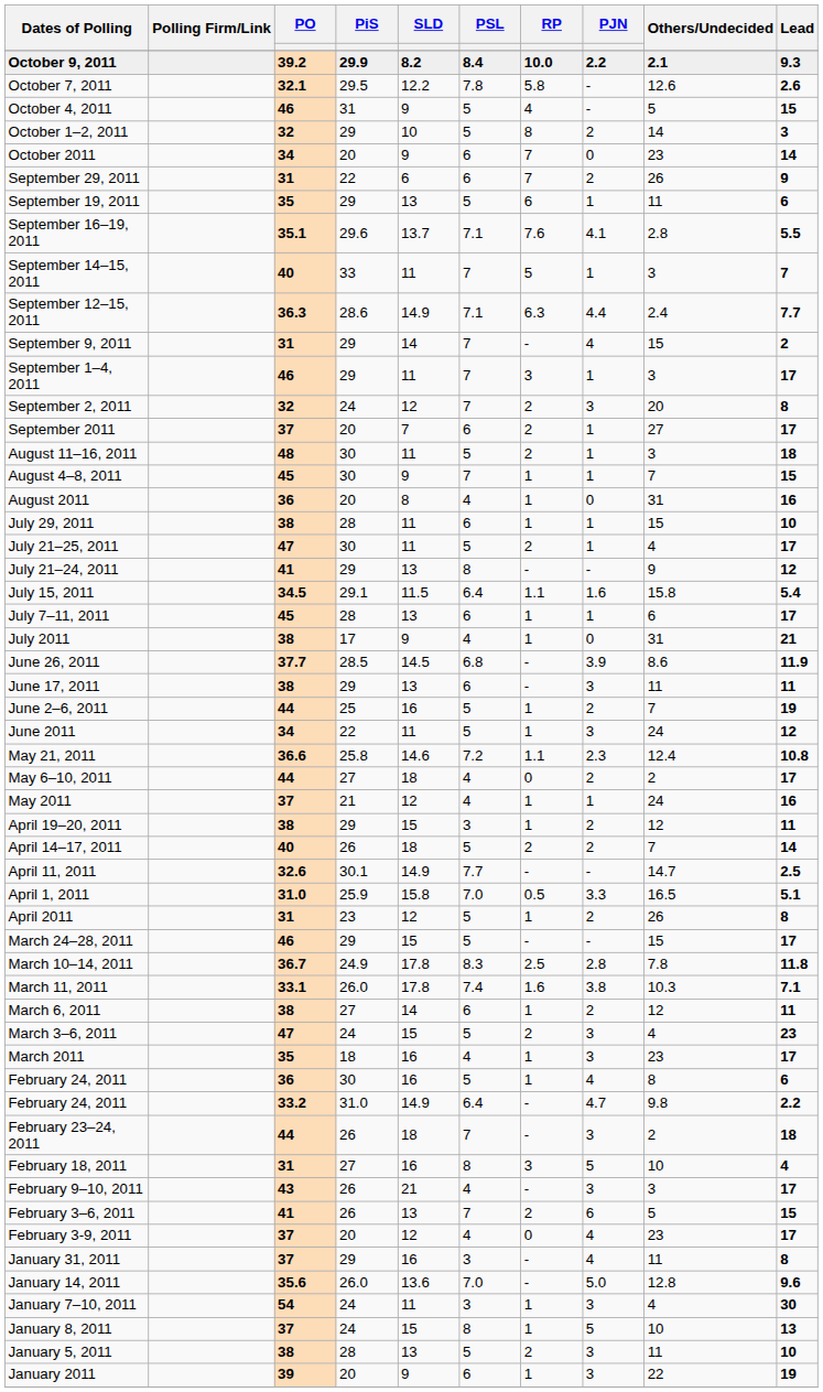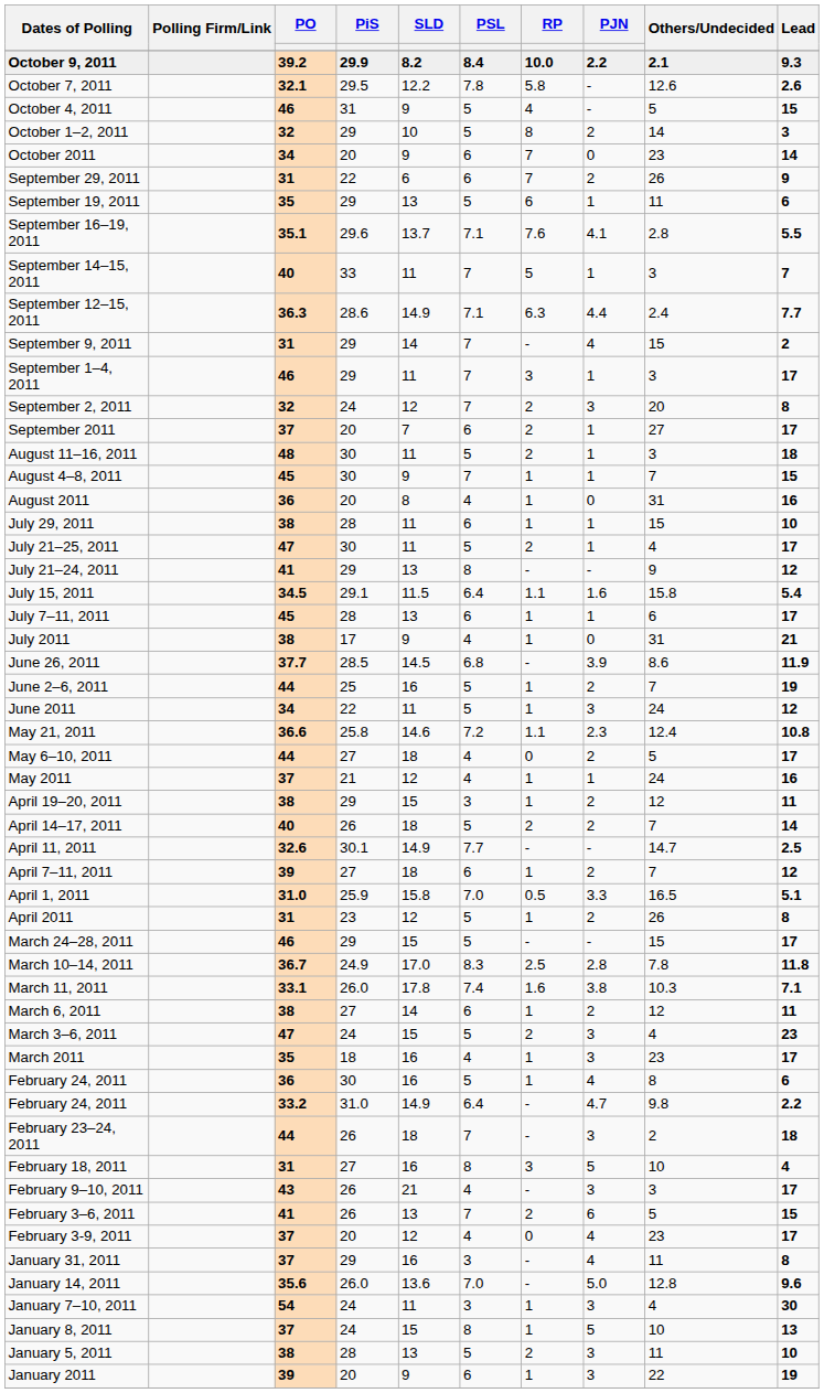 <table class="wikitable sortable collapsible">
 <tr style="height:42px; text-align:center; background-color:#E9E9E9">
 <th rowspan="2" data-sort-type="date" style="width:150px;">Dates of Polling</th>
 <th rowspan="2" style="width:130px;">Polling Firm/Link</th>
 <th style="width:60px;" class="unsortable"><a href='#'>PO</a></th>
 <th style="width:60px;" class="unsortable"><a href='#'>PiS</a></th>
 <th style="width:60px;" class="unsortable"><a href='#'>SLD</a></th>
 <th style="width:60px;" class="unsortable"><a href='#'>PSL</a></th>
 <th style="width:60px;" class="unsortable"><a href='#'>RP</a></th>
 <th style="width:60px;" class="unsortable"><a href='#'>PJN</a></th>
 <th rowspan="2" data-sort-type="number" style="width:40px;">Others/Undecided</th>
 <th rowspan="2" data-sort-type="number" style="width:30px;">Lead</th>
 </tr>
 <tr>
 <th data-sort-type="number" style="height:1px; background:"></th>
 <th data-sort-type="number" style="height:1px; background:"></th>
 <th data-sort-type="number" style="height:1px; background:"></th>
 <th data-sort-type="number" style="height:1px; background:"></th>
 <th data-sort-type="number" style="height:1px; background:"></th>
 <th data-sort-type="number" style="height:1px; background:"></th>
 </tr>
 <tr>
 </tr>
 <tr style="background:#EFEFEF; font-weight:bold;">
 <td>October 9, 2011</td>
 <td></td>
 <td style="background:#FDDCB8">39.2</td>
 <td>29.9</td>
 <td>8.2</td>
 <td>8.4</td>
 <td>10.0</td>
 <td>2.2</td>
 <td>2.1</td>
 <td style="background:"><strong>9.3</strong></td>
 </tr>
 <tr>
 <td>October 7, 2011</td>
 <td></td>
 <td style="background:#FDDCB8"><strong>32.1</strong></td>
 <td>29.5</td>
 <td>12.2</td>
 <td>7.8</td>
 <td>5.8</td>
 <td>-</td>
 <td>12.6</td>
 <td style="background:"><strong>2.6</strong></td>
 </tr>
 <tr>
 <td>October 4, 2011</td>
 <td></td>
 <td style="background:#FDDCB8"><strong>46</strong></td>
 <td>31</td>
 <td>9</td>
 <td>5</td>
 <td>4</td>
 <td>-</td>
 <td>5</td>
 <td style="background:"><strong>15</strong></td>
 </tr>
 <tr>
 <td>October 1–2, 2011</td>
 <td></td>
 <td style="background:#FDDCB8"><strong>32</strong></td>
 <td>29</td>
 <td>10</td>
 <td>5</td>
 <td>8</td>
 <td>2</td>
 <td>14</td>
 <td style="background:"><strong>3</strong></td>
 </tr>
 <tr>
 <td>October 2011</td>
 <td></td>
 <td style="background:#FDDCB8"><strong>34</strong></td>
 <td>20</td>
 <td>9</td>
 <td>6</td>
 <td>7</td>
 <td>0</td>
 <td>23</td>
 <td style="background:"><strong>14</strong></td>
 </tr>
 <tr>
 <td>September 29, 2011</td>
 <td></td>
 <td style="background:#FDDCB8"><strong>31</strong></td>
 <td>22</td>
 <td>6</td>
 <td>6</td>
 <td>7</td>
 <td>2</td>
 <td>26</td>
 <td style="background:"><strong>9</strong></td>
 </tr>
 <tr>
 <td>September 19, 2011</td>
 <td></td>
 <td style="background:#FDDCB8"><strong>35</strong></td>
 <td>29</td>
 <td>13</td>
 <td>5</td>
 <td>6</td>
 <td>1</td>
 <td>11</td>
 <td style="background:"><strong>6</strong></td>
 </tr>
 <tr>
 <td>September 16–19, 2011</td>
 <td></td>
 <td style="background:#FDDCB8"><strong>35.1</strong></td>
 <td>29.6</td>
 <td>13.7</td>
 <td>7.1</td>
 <td>7.6</td>
 <td>4.1</td>
 <td>2.8</td>
 <td style="background:"><strong>5.5</strong></td>
 </tr>
 <tr>
 <td>September 14–15, 2011</td>
 <td></td>
 <td style="background:#FDDCB8"><strong>40</strong></td>
 <td>33</td>
 <td>11</td>
 <td>7</td>
 <td>5</td>
 <td>1</td>
 <td>3</td>
 <td style="background:"><strong>7</strong></td>
 </tr>
 <tr>
 <td>September 12–15, 2011</td>
 <td></td>
 <td style="background:#FDDCB8"><strong>36.3</strong></td>
 <td>28.6</td>
 <td>14.9</td>
 <td>7.1</td>
 <td>6.3</td>
 <td>4.4</td>
 <td>2.4</td>
 <td style="background:"><strong>7.7</strong></td>
 </tr>
 <tr>
 <td>September 9, 2011</td>
 <td></td>
 <td style="background:#FDDCB8"><strong>31</strong></td>
 <td>29</td>
 <td>14</td>
 <td>7</td>
 <td>-</td>
 <td>4</td>
 <td>15</td>
 <td style="background:"><strong>2</strong></td>
 </tr>
 <tr>
 <td>September 1–4, 2011</td>
 <td></td>
 <td style="background:#FDDCB8"><strong>46</strong></td>
 <td>29</td>
 <td>11</td>
 <td>7</td>
 <td>3</td>
 <td>1</td>
 <td>3</td>
 <td style="background:"><strong>17</strong></td>
 </tr>
 <tr>
 <td>September 2, 2011</td>
 <td></td>
 <td style="background:#FDDCB8"><strong>32</strong></td>
 <td>24</td>
 <td>12</td>
 <td>7</td>
 <td>2</td>
 <td>3</td>
 <td>20</td>
 <td style="background:"><strong>8</strong></td>
 </tr>
 <tr>
 <td>September 2011</td>
 <td></td>
 <td style="background:#FDDCB8"><strong>37</strong></td>
 <td>20</td>
 <td>7</td>
 <td>6</td>
 <td>2</td>
 <td>1</td>
 <td>27</td>
 <td style="background:"><strong>17</strong></td>
 </tr>
 <tr>
 <td>August 11–16, 2011</td>
 <td></td>
 <td style="background:#FDDCB8"><strong>48</strong></td>
 <td>30</td>
 <td>11</td>
 <td>5</td>
 <td>2</td>
 <td>1</td>
 <td>3</td>
 <td style="background:"><strong>18</strong></td>
 </tr>
 <tr>
 <td>August 4–8, 2011</td>
 <td></td>
 <td style="background:#FDDCB8"><strong>45</strong></td>
 <td>30</td>
 <td>9</td>
 <td>7</td>
 <td>1</td>
 <td>1</td>
 <td>7</td>
 <td style="background:"><strong>15</strong></td>
 </tr>
 <tr>
 <td>August 2011</td>
 <td></td>
 <td style="background:#FDDCB8"><strong>36</strong></td>
 <td>20</td>
 <td>8</td>
 <td>4</td>
 <td>1</td>
 <td>0</td>
 <td>31</td>
 <td style="background:"><strong>16</strong></td>
 </tr>
 <tr>
 <td>July 29, 2011</td>
 <td></td>
 <td style="background:#FDDCB8"><strong>38</strong></td>
 <td>28</td>
 <td>11</td>
 <td>6</td>
 <td>1</td>
 <td>1</td>
 <td>15</td>
 <td style="background:"><strong>10</strong></td>
 </tr>
 <tr>
 <td>July 21–25, 2011</td>
 <td></td>
 <td style="background:#FDDCB8"><strong>47</strong></td>
 <td>30</td>
 <td>11</td>
 <td>5</td>
 <td>2</td>
 <td>1</td>
 <td>4</td>
 <td style="background:"><strong>17</strong></td>
 </tr>
 <tr>
 <td>July 21–24, 2011</td>
 <td></td>
 <td style="background:#FDDCB8"><strong>41</strong></td>
 <td>29</td>
 <td>13</td>
 <td>8</td>
 <td>-</td>
 <td>-</td>
 <td>9</td>
 <td style="background:"><strong>12</strong></td>
 </tr>
 <tr>
 <td>July 15, 2011</td>
 <td></td>
 <td style="background:#FDDCB8"><strong>34.5</strong></td>
 <td>29.1</td>
 <td>11.5</td>
 <td>6.4</td>
 <td>1.1</td>
 <td>1.6</td>
 <td>15.8</td>
 <td style="background:"><strong>5.4</strong></td>
 </tr>
 <tr>
 <td>July 7–11, 2011</td>
 <td></td>
 <td style="background:#FDDCB8"><strong>45</strong></td>
 <td>28</td>
 <td>13</td>
 <td>6</td>
 <td>1</td>
 <td>1</td>
 <td>6</td>
 <td style="background:"><strong>17</strong></td>
 </tr>
 <tr>
 <td>July 2011</td>
 <td></td>
 <td style="background:#FDDCB8"><strong>38</strong></td>
 <td>17</td>
 <td>9</td>
 <td>4</td>
 <td>1</td>
 <td>0</td>
 <td>31</td>
 <td style="background:"><strong>21</strong></td>
 </tr>
 <tr>
 <td>June 26, 2011</td>
 <td></td>
 <td style="background:#FDDCB8"><strong>37.7</strong></td>
 <td>28.5</td>
 <td>14.5</td>
 <td>6.8</td>
 <td>-</td>
 <td>3.9</td>
 <td>8.6</td>
 <td style="background:"><strong>11.9</strong></td>
 </tr>
 <tr>
-<td>June 17, 2011</td>
-<td></td>
-<td style="background:#FDDCB8"><strong>38</strong></td>
-<td>29</td>
-<td>13</td>
-<td>6</td>
-<td>-</td>
-<td>3</td>
-<td>11</td>
-<td style="background:"><strong>11</strong></td>
-</tr>
-<tr>
 <td>June 2–6, 2011</td>
 <td></td>
 <td style="background:#FDDCB8"><strong>44</strong></td>
 <td>25</td>
 <td>16</td>
 <td>5</td>
 <td>1</td>
 <td>2</td>
 <td>7</td>
 <td style="background:"><strong>19</strong></td>
 </tr>
 <tr>
 <td>June 2011</td>
 <td></td>
 <td style="background:#FDDCB8"><strong>34</strong></td>
 <td>22</td>
 <td>11</td>
 <td>5</td>
 <td>1</td>
 <td>3</td>
 <td>24</td>
 <td style="background:"><strong>12</strong></td>
 </tr>
 <tr>
 <td>May 21, 2011</td>
 <td></td>
 <td style="background:#FDDCB8"><strong>36.6</strong></td>
 <td>25.8</td>
 <td>14.6</td>
 <td>7.2</td>
 <td>1.1</td>
 <td>2.3</td>
 <td>12.4</td>
 <td style="background:"><strong>10.8</strong></td>
 </tr>
 <tr>
 <td>May 6–10, 2011</td>
 <td></td>
 <td style="background:#FDDCB8"><strong>44</strong></td>
 <td>27</td>
 <td>18</td>
 <td>4</td>
 <td>0</td>
 <td>2</td>
-<td>2</td>
+<td>5</td>
 <td style="background:"><strong>17</strong></td>
 </tr>
 <tr>
 <td>May 2011</td>
 <td></td>
 <td style="background:#FDDCB8"><strong>37</strong></td>
 <td>21</td>
 <td>12</td>
 <td>4</td>
 <td>1</td>
 <td>1</td>
 <td>24</td>
 <td style="background:"><strong>16</strong></td>
 </tr>
 <tr>
 <td>April 19–20, 2011</td>
 <td></td>
 <td style="background:#FDDCB8"><strong>38</strong></td>
 <td>29</td>
 <td>15</td>
 <td>3</td>
 <td>1</td>
 <td>2</td>
 <td>12</td>
 <td style="background:"><strong>11</strong></td>
 </tr>
 <tr>
 <td>April 14–17, 2011</td>
 <td></td>
 <td style="background:#FDDCB8"><strong>40</strong></td>
 <td>26</td>
 <td>18</td>
 <td>5</td>
 <td>2</td>
 <td>2</td>
 <td>7</td>
 <td style="background:"><strong>14</strong></td>
 </tr>
 <tr>
 <td>April 11, 2011</td>
 <td></td>
 <td style="background:#FDDCB8"><strong>32.6</strong></td>
 <td>30.1</td>
 <td>14.9</td>
 <td>7.7</td>
 <td>-</td>
 <td>-</td>
 <td>14.7</td>
 <td style="background:"><strong>2.5</strong></td>
 </tr>
 <tr>
+<td>April 7–11, 2011</td>
+<td></td>
+<td style="background:#FDDCB8"><strong>39</strong></td>
+<td>27</td>
+<td>18</td>
+<td>6</td>
+<td>1</td>
+<td>2</td>
+<td>7</td>
+<td style="background:"><strong>12</strong></td>
+</tr>
+<tr>
 <td>April 1, 2011</td>
 <td></td>
 <td style="background:#FDDCB8"><strong>31.0</strong></td>
 <td>25.9</td>
 <td>15.8</td>
 <td>7.0</td>
 <td>0.5</td>
 <td>3.3</td>
 <td>16.5</td>
 <td style="background:"><strong>5.1</strong></td>
 </tr>
 <tr>
 <td>April 2011</td>
 <td></td>
 <td style="background:#FDDCB8"><strong>31</strong></td>
 <td>23</td>
 <td>12</td>
 <td>5</td>
 <td>1</td>
 <td>2</td>
 <td>26</td>
 <td style="background:"><strong>8</strong></td>
 </tr>
 <tr>
 <td>March 24–28, 2011</td>
 <td></td>
 <td style="background:#FDDCB8"><strong>46</strong></td>
 <td>29</td>
 <td>15</td>
 <td>5</td>
 <td>-</td>
 <td>-</td>
 <td>15</td>
 <td style="background:"><strong>17</strong></td>
 </tr>
 <tr>
 <td>March 10–14, 2011</td>
 <td></td>
 <td style="background:#FDDCB8"><strong>36.7</strong></td>
 <td>24.9</td>
-<td>17.8</td>
+<td>17.0</td>
 <td>8.3</td>
 <td>2.5</td>
 <td>2.8</td>
 <td>7.8</td>
 <td style="background:"><strong>11.8</strong></td>
 </tr>
 <tr>
 <td>March 11, 2011</td>
 <td></td>
 <td style="background:#FDDCB8"><strong>33.1</strong></td>
 <td>26.0</td>
 <td>17.8</td>
 <td>7.4</td>
 <td>1.6</td>
 <td>3.8</td>
 <td>10.3</td>
 <td style="background:"><strong>7.1</strong></td>
 </tr>
 <tr>
 <td>March 6, 2011</td>
 <td></td>
 <td style="background:#FDDCB8"><strong>38</strong></td>
 <td>27</td>
 <td>14</td>
 <td>6</td>
 <td>1</td>
 <td>2</td>
 <td>12</td>
 <td style="background:"><strong>11</strong></td>
 </tr>
 <tr>
 <td>March 3–6, 2011</td>
 <td></td>
 <td style="background:#FDDCB8"><strong>47</strong></td>
 <td>24</td>
 <td>15</td>
 <td>5</td>
 <td>2</td>
 <td>3</td>
 <td>4</td>
 <td style="background:"><strong>23</strong></td>
 </tr>
 <tr>
 <td>March 2011</td>
 <td></td>
 <td style="background:#FDDCB8"><strong>35</strong></td>
 <td>18</td>
 <td>16</td>
 <td>4</td>
 <td>1</td>
 <td>3</td>
 <td>23</td>
 <td style="background:"><strong>17</strong></td>
 </tr>
 <tr>
 <td>February 24, 2011</td>
 <td></td>
 <td style="background:#FDDCB8"><strong>36</strong></td>
 <td>30</td>
 <td>16</td>
 <td>5</td>
 <td>1</td>
 <td>4</td>
 <td>8</td>
 <td style="background:"><strong>6</strong></td>
 </tr>
 <tr>
 <td>February 24, 2011</td>
 <td></td>
 <td style="background:#FDDCB8"><strong>33.2</strong></td>
 <td>31.0</td>
 <td>14.9</td>
 <td>6.4</td>
 <td>-</td>
 <td>4.7</td>
 <td>9.8</td>
 <td style="background:"><strong>2.2</strong></td>
 </tr>
 <tr>
 <td>February 23–24, 2011</td>
 <td></td>
 <td style="background:#FDDCB8"><strong>44</strong></td>
 <td>26</td>
 <td>18</td>
 <td>7</td>
 <td>-</td>
 <td>3</td>
 <td>2</td>
 <td style="background:"><strong>18</strong></td>
 </tr>
 <tr>
 <td>February 18, 2011</td>
 <td></td>
 <td style="background:#FDDCB8"><strong>31</strong></td>
 <td>27</td>
 <td>16</td>
 <td>8</td>
 <td>3</td>
 <td>5</td>
 <td>10</td>
 <td style="background:"><strong>4</strong></td>
 </tr>
 <tr>
 <td>February 9–10, 2011</td>
 <td></td>
 <td style="background:#FDDCB8"><strong>43</strong></td>
 <td>26</td>
 <td>21</td>
 <td>4</td>
 <td>-</td>
 <td>3</td>
 <td>3</td>
 <td style="background:"><strong>17</strong></td>
 </tr>
 <tr>
 <td>February 3–6, 2011</td>
 <td></td>
 <td style="background:#FDDCB8"><strong>41</strong></td>
 <td>26</td>
 <td>13</td>
 <td>7</td>
 <td>2</td>
 <td>6</td>
 <td>5</td>
 <td style="background:"><strong>15</strong></td>
 </tr>
 <tr>
 <td>February 3-9, 2011</td>
 <td></td>
 <td style="background:#FDDCB8"><strong>37</strong></td>
 <td>20</td>
 <td>12</td>
 <td>4</td>
 <td>0</td>
 <td>4</td>
 <td>23</td>
 <td style="background:"><strong>17</strong></td>
 </tr>
 <tr>
 <td>January 31, 2011</td>
 <td></td>
 <td style="background:#FDDCB8"><strong>37</strong></td>
 <td>29</td>
 <td>16</td>
 <td>3</td>
 <td>-</td>
 <td>4</td>
 <td>11</td>
 <td style="background:"><strong>8</strong></td>
 </tr>
 <tr>
 <td>January 14, 2011</td>
 <td></td>
 <td style="background:#FDDCB8"><strong>35.6</strong></td>
 <td>26.0</td>
 <td>13.6</td>
 <td>7.0</td>
 <td>-</td>
 <td>5.0</td>
 <td>12.8</td>
 <td style="background:"><strong>9.6</strong></td>
 </tr>
 <tr>
 <td>January 7–10, 2011</td>
 <td></td>
 <td style="background:#FDDCB8"><strong>54</strong></td>
 <td>24</td>
 <td>11</td>
 <td>3</td>
 <td>1</td>
 <td>3</td>
 <td>4</td>
 <td style="background:"><strong>30</strong></td>
 </tr>
 <tr>
 <td>January 8, 2011</td>
 <td></td>
 <td style="background:#FDDCB8"><strong>37</strong></td>
 <td>24</td>
 <td>15</td>
 <td>8</td>
 <td>1</td>
 <td>5</td>
 <td>10</td>
 <td style="background:"><strong>13</strong></td>
 </tr>
 <tr>
 <td>January 5, 2011</td>
 <td></td>
 <td style="background:#FDDCB8"><strong>38</strong></td>
 <td>28</td>
 <td>13</td>
 <td>5</td>
 <td>2</td>
 <td>3</td>
 <td>11</td>
 <td style="background:"><strong>10</strong></td>
 </tr>
 <tr>
 <td>January 2011</td>
 <td></td>
 <td style="background:#FDDCB8"><strong>39</strong></td>
 <td>20</td>
 <td>9</td>
 <td>6</td>
 <td>1</td>
 <td>3</td>
 <td>22</td>
 <td style="background:"><strong>19</strong></td>
 </tr>
 <tr>
 </tr>
 </table>
